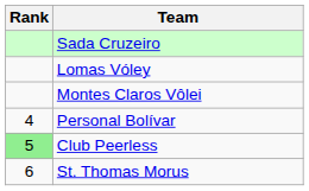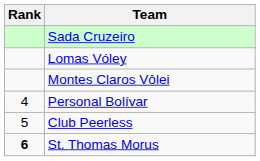 <table class="wikitable" style="text-align: center;">
 <tr>
 <th width=40>Rank</th>
 <th width=240>Team</th>
 </tr>
 <tr bgcolor=#ccffcc>
 <td></td>
 <td align=left> <a href='#'>Sada Cruzeiro</a></td>
 </tr>
 <tr>
 <td></td>
 <td align=left> <a href='#'>Lomas Vóley</a></td>
 </tr>
 <tr>
 <td></td>
 <td align=left> <a href='#'>Montes Claros Vôlei</a></td>
 </tr>
 <tr>
 <td>4</td>
 <td align=left> <a href='#'>Personal Bolívar</a></td>
 </tr>
 <tr>
-<td style="background: lightgreen;">5</td>
+<td>5</td>
 <td align=left> <a href='#'>Club Peerless</a></td>
 </tr>
 <tr>
-<td>6</td>
+<td><strong>6</strong></td>
 <td align=left> <a href='#'>St. Thomas Morus</a></td>
 </tr>
 </table>
